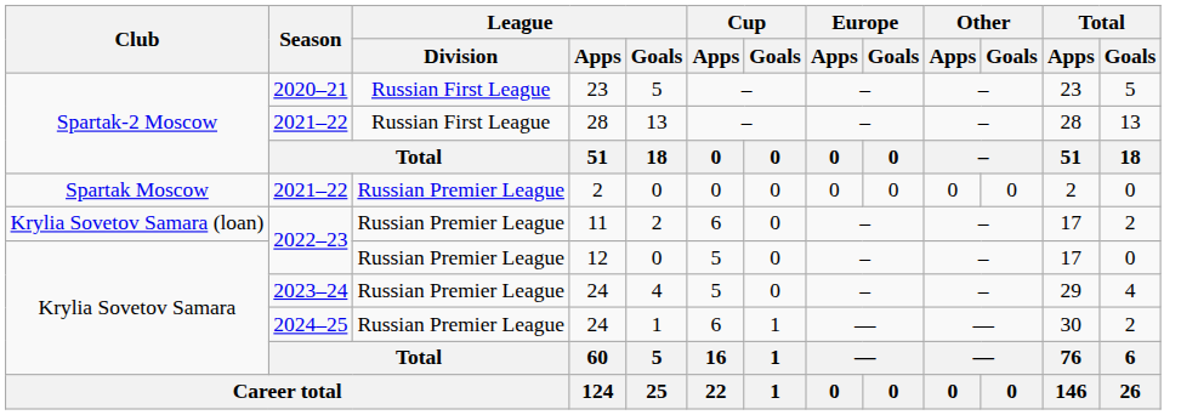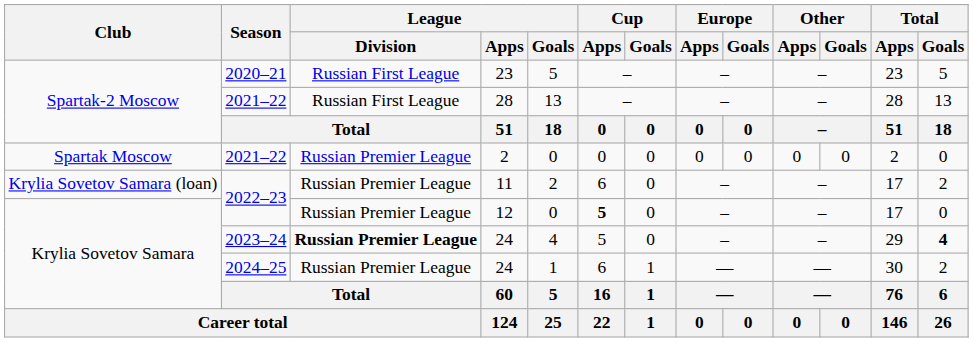 <table class="wikitable" style="text-align: center;">
 <tr>
 <th rowspan="2">Club</th>
 <th rowspan="2">Season</th>
 <th colspan="3">League</th>
 <th colspan="2">Cup</th>
 <th colspan="2">Europe</th>
 <th colspan="2">Other</th>
 <th colspan="2">Total</th>
 </tr>
 <tr>
 <th>Division</th>
 <th>Apps</th>
 <th>Goals</th>
 <th>Apps</th>
 <th>Goals</th>
 <th>Apps</th>
 <th>Goals</th>
 <th>Apps</th>
 <th>Goals</th>
 <th>Apps</th>
 <th>Goals</th>
 </tr>
 <tr>
 <td rowspan="3"><a href='#'>Spartak-2 Moscow</a></td>
 <td><a href='#'>2020–21</a></td>
 <td><a href='#'>Russian First League</a></td>
 <td>23</td>
 <td>5</td>
 <td colspan=2>–</td>
 <td colspan=2>–</td>
 <td colspan=2>–</td>
 <td>23</td>
 <td>5</td>
 </tr>
 <tr>
 <td><a href='#'>2021–22</a></td>
 <td>Russian First League</td>
 <td>28</td>
 <td>13</td>
 <td colspan=2>–</td>
 <td colspan=2>–</td>
 <td colspan=2>–</td>
 <td>28</td>
 <td>13</td>
 </tr>
 <tr>
 <th colspan=2>Total</th>
 <th>51</th>
 <th>18</th>
 <th>0</th>
 <th>0</th>
 <th>0</th>
 <th>0</th>
 <th colspan=2>–</th>
 <th>51</th>
 <th>18</th>
 </tr>
 <tr>
 <td><a href='#'>Spartak Moscow</a></td>
 <td><a href='#'>2021–22</a></td>
 <td><a href='#'>Russian Premier League</a></td>
 <td>2</td>
 <td>0</td>
 <td>0</td>
 <td>0</td>
 <td>0</td>
 <td>0</td>
 <td>0</td>
 <td>0</td>
 <td>2</td>
 <td>0</td>
 </tr>
 <tr>
 <td><a href='#'>Krylia Sovetov Samara</a> (loan)</td>
 <td rowspan=2><a href='#'>2022–23</a></td>
 <td>Russian Premier League</td>
 <td>11</td>
 <td>2</td>
 <td>6</td>
 <td>0</td>
 <td colspan=2>–</td>
 <td colspan=2>–</td>
 <td>17</td>
 <td>2</td>
 </tr>
 <tr>
 <td rowspan="4">Krylia Sovetov Samara</td>
 <td>Russian Premier League</td>
 <td>12</td>
 <td>0</td>
-<td>5</td>
+<td><strong>5</strong></td>
 <td>0</td>
 <td colspan=2>–</td>
 <td colspan=2>–</td>
 <td>17</td>
 <td>0</td>
 </tr>
 <tr>
 <td><a href='#'>2023–24</a></td>
-<td>Russian Premier League</td>
+<td><strong>Russian Premier League</strong></td>
 <td>24</td>
 <td>4</td>
 <td>5</td>
 <td>0</td>
 <td colspan=2>–</td>
 <td colspan=2>–</td>
 <td>29</td>
-<td>4</td>
+<td><strong>4</strong></td>
 </tr>
 <tr>
 <td><a href='#'>2024–25</a></td>
 <td>Russian Premier League</td>
 <td>24</td>
 <td>1</td>
 <td>6</td>
 <td>1</td>
 <td colspan="2">—</td>
 <td colspan="2">—</td>
 <td>30</td>
 <td>2</td>
 </tr>
 <tr>
 <th colspan="2">Total</th>
 <th>60</th>
 <th>5</th>
 <th>16</th>
 <th>1</th>
 <th colspan="2">—</th>
 <th colspan="2">—</th>
 <th>76</th>
 <th>6</th>
 </tr>
 <tr>
 <th colspan="3">Career total</th>
 <th>124</th>
 <th>25</th>
 <th>22</th>
 <th>1</th>
 <th>0</th>
 <th>0</th>
 <th>0</th>
 <th>0</th>
 <th>146</th>
 <th>26</th>
 </tr>
 </table>
